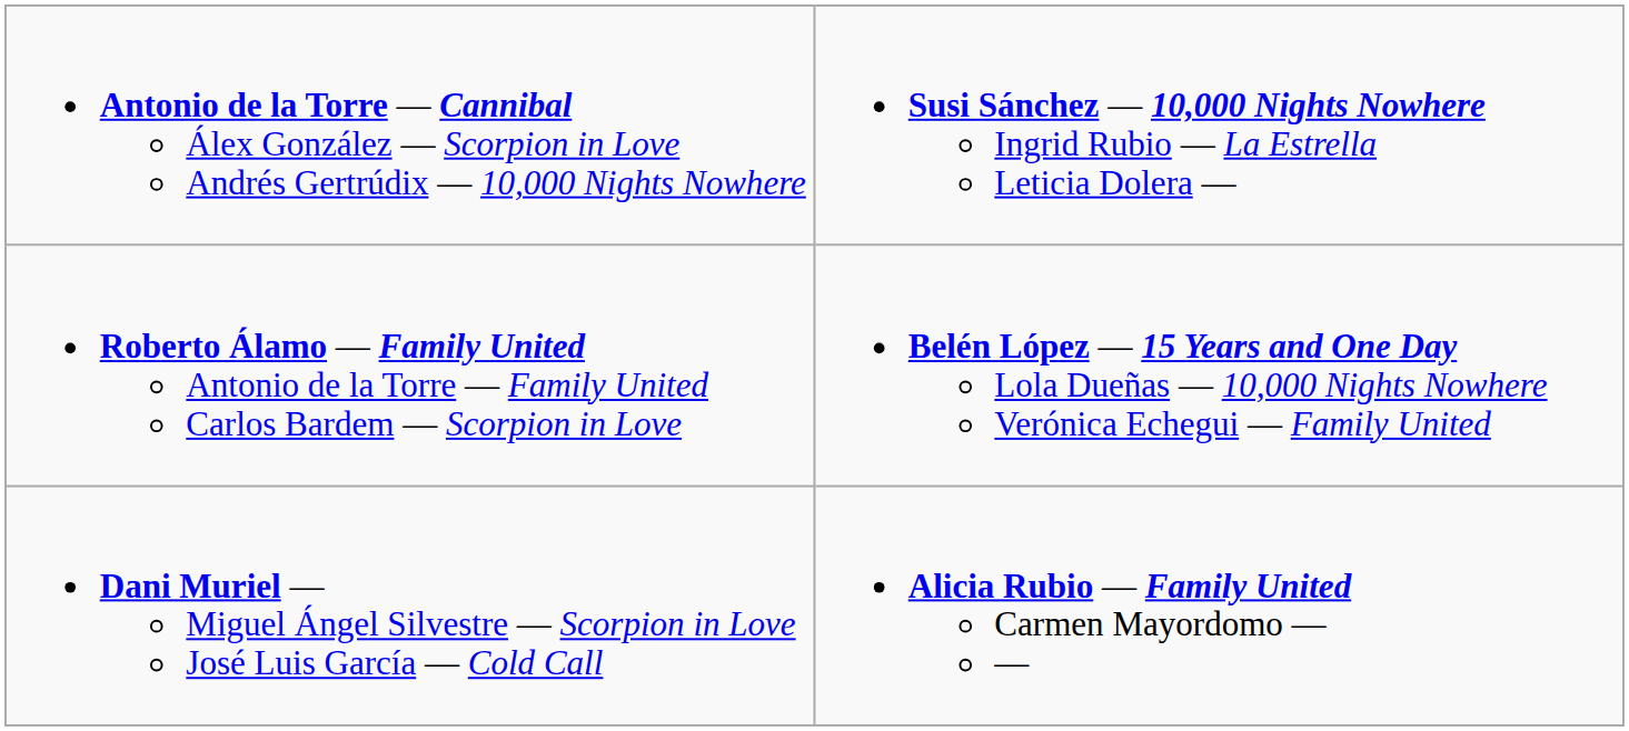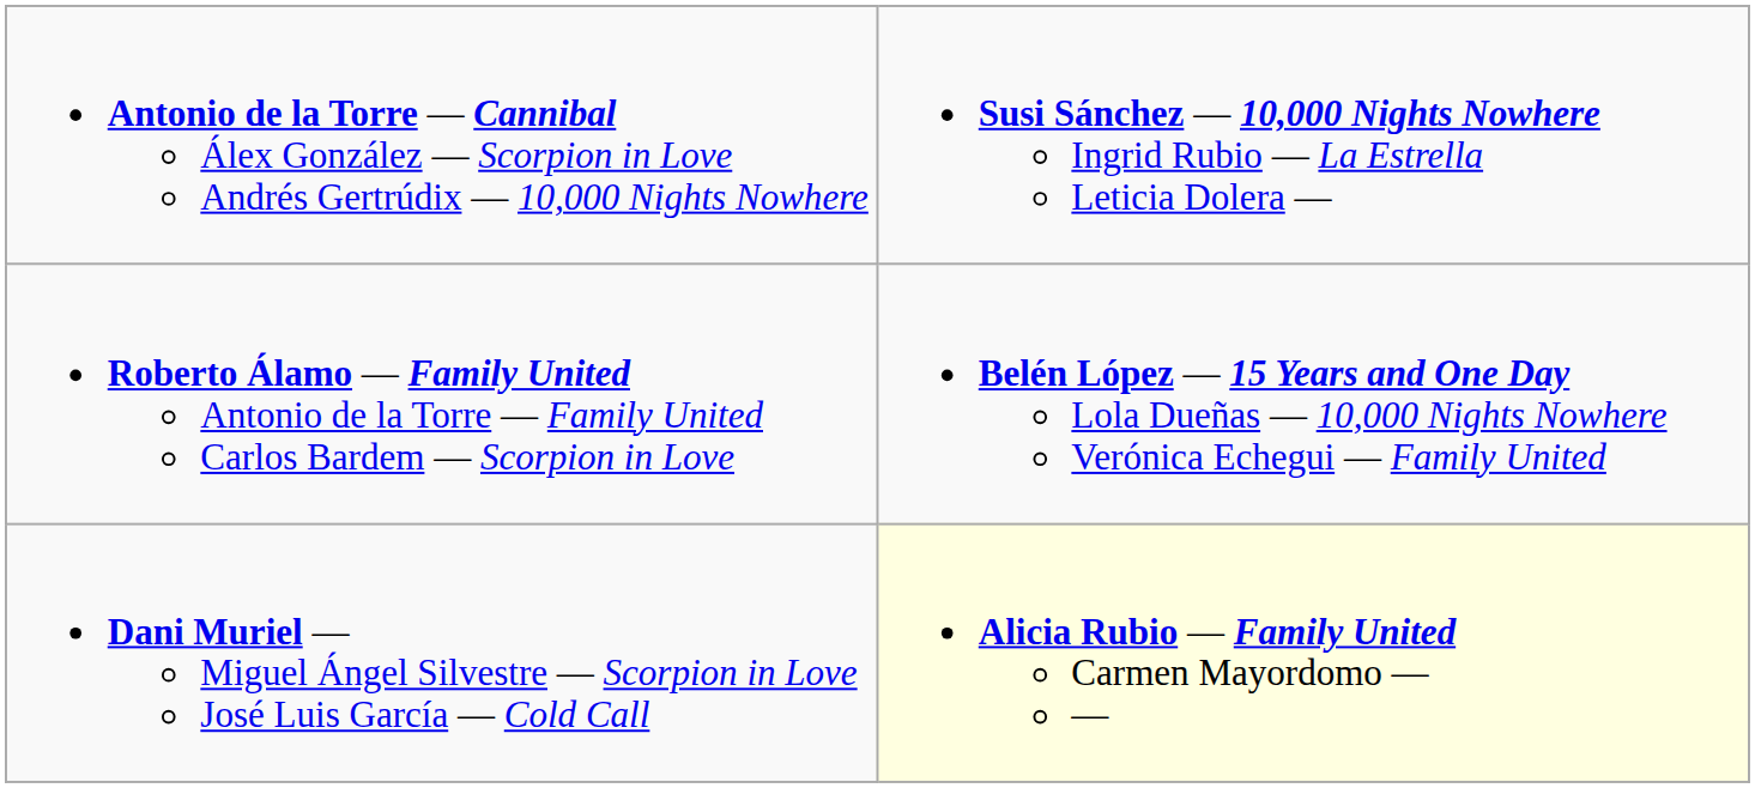 <table class=wikitable>
 <tr>
 <td style="vertical-align:top; width:50%;"><br><ul><li><strong><a href='#'>Antonio de la Torre</a></strong> — <strong><em><a href='#'>Cannibal</a></em></strong><ul><li><a href='#'>Álex González</a> — <em><a href='#'>Scorpion in Love</a></em></li><li><a href='#'>Andrés Gertrúdix</a> — <em><a href='#'>10,000 Nights Nowhere</a></em></li></ul></li></ul></td>
 <td style="vertical-align:top; width:50%;"><br><ul><li><strong><a href='#'>Susi Sánchez</a></strong> — <strong><em><a href='#'>10,000 Nights Nowhere</a></em></strong><ul><li><a href='#'>Ingrid Rubio</a> — <em><a href='#'>La Estrella</a></em></li><li><a href='#'>Leticia Dolera</a> — <em></em></li></ul></li></ul></td>
 </tr>
 <tr>
 <td style="vertical-align:top; width:50%;"><br><ul><li><strong><a href='#'>Roberto Álamo</a></strong> — <strong><em><a href='#'>Family United</a></em></strong><ul><li><a href='#'>Antonio de la Torre</a> — <em><a href='#'>Family United</a></em></li><li><a href='#'>Carlos Bardem</a> — <em><a href='#'>Scorpion in Love</a></em></li></ul></li></ul></td>
 <td style="vertical-align:top; width:50%;"><br><ul><li><strong><a href='#'>Belén López</a></strong> — <strong><em><a href='#'>15 Years and One Day</a></em></strong><ul><li><a href='#'>Lola Dueñas</a>  — <em><a href='#'>10,000 Nights Nowhere</a></em></li><li><a href='#'>Verónica Echegui</a>  — <em><a href='#'>Family United</a></em></li></ul></li></ul></td>
 </tr>
 <tr>
 <td style="vertical-align:top; width:50%;"><br><ul><li><strong><a href='#'>Dani Muriel</a></strong> — <strong><em></em></strong><ul><li><a href='#'>Miguel Ángel Silvestre</a> — <em><a href='#'>Scorpion in Love</a></em></li><li><a href='#'>José Luis García</a> — <em><a href='#'>Cold Call</a></em></li></ul></li></ul></td>
-<td style="vertical-align:top; width:50%;"><br><ul><li><strong><a href='#'>Alicia Rubio</a></strong> — <strong><em><a href='#'>Family United</a></em></strong><ul><li>Carmen Mayordomo — <em></em></li><li> — <em></em></li></ul></li></ul></td>
+<td style="background: lightyellow; vertical-align:top; width:50%;"><br><ul><li><strong><a href='#'>Alicia Rubio</a></strong> — <strong><em><a href='#'>Family United</a></em></strong><ul><li>Carmen Mayordomo — <em></em></li><li> — <em></em></li></ul></li></ul></td>
 </tr>
 </table>
